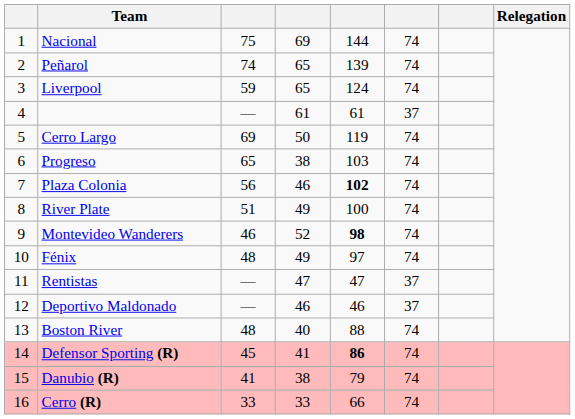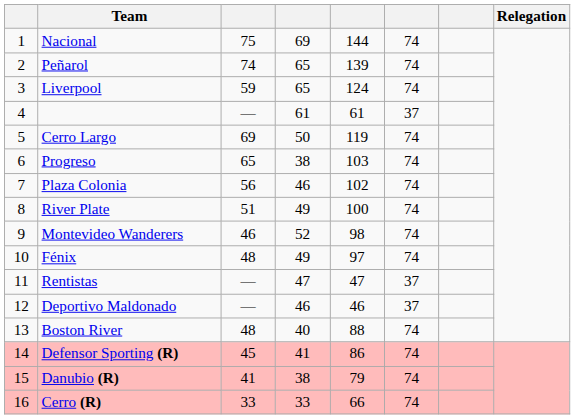 <table class="wikitable" style="text-align: center;">
 <tr>
 <th width=28><br></th>
 <th width=185>Team</th>
 <th width=50></th>
 <th width=50></th>
 <th width=50></th>
 <th width=50></th>
 <th width=50><br></th>
 <th>Relegation</th>
 </tr>
 <tr>
 <td>1</td>
 <td align="left"><a href='#'>Nacional</a></td>
 <td>75</td>
 <td>69</td>
 <td>144</td>
 <td>74</td>
 <td><strong></strong></td>
 <td rowspan=13></td>
 </tr>
 <tr>
 <td>2</td>
 <td align="left"><a href='#'>Peñarol</a></td>
 <td>74</td>
 <td>65</td>
 <td>139</td>
 <td>74</td>
 <td><strong></strong></td>
 </tr>
 <tr>
 <td>3</td>
 <td align="left"><a href='#'>Liverpool</a></td>
 <td>59</td>
 <td>65</td>
 <td>124</td>
 <td>74</td>
 <td><strong></strong></td>
 </tr>
 <tr>
 <td>4</td>
 <td align="left"></td>
 <td>—</td>
 <td>61</td>
 <td>61</td>
 <td>37</td>
 <td><strong></strong></td>
 </tr>
 <tr>
 <td>5</td>
 <td align="left"><a href='#'>Cerro Largo</a></td>
 <td>69</td>
 <td>50</td>
 <td>119</td>
 <td>74</td>
 <td><strong></strong></td>
 </tr>
 <tr>
 <td>6</td>
 <td align="left"><a href='#'>Progreso</a></td>
 <td>65</td>
 <td>38</td>
 <td>103</td>
 <td>74</td>
 <td><strong></strong></td>
 </tr>
 <tr>
 <td>7</td>
 <td align="left"><a href='#'>Plaza Colonia</a></td>
 <td>56</td>
 <td>46</td>
-<td><strong>102</strong></td>
+<td>102</td>
 <td>74</td>
 <td><strong></strong></td>
 </tr>
 <tr>
 <td>8</td>
 <td align="left"><a href='#'>River Plate</a></td>
 <td>51</td>
 <td>49</td>
 <td>100</td>
 <td>74</td>
 <td><strong></strong></td>
 </tr>
 <tr>
 <td>9</td>
 <td align="left"><a href='#'>Montevideo Wanderers</a></td>
 <td>46</td>
 <td>52</td>
-<td><strong>98</strong></td>
+<td>98</td>
 <td>74</td>
 <td><strong></strong></td>
 </tr>
 <tr>
 <td>10</td>
 <td align="left"><a href='#'>Fénix</a></td>
 <td>48</td>
 <td>49</td>
 <td>97</td>
 <td>74</td>
 <td><strong></strong></td>
 </tr>
 <tr>
 <td>11</td>
 <td align="left"><a href='#'>Rentistas</a></td>
 <td>—</td>
 <td>47</td>
 <td>47</td>
 <td>37</td>
 <td><strong></strong></td>
 </tr>
 <tr>
 <td>12</td>
 <td align="left"><a href='#'>Deportivo Maldonado</a></td>
 <td>—</td>
 <td>46</td>
 <td>46</td>
 <td>37</td>
 <td><strong></strong></td>
 </tr>
 <tr>
 <td>13</td>
 <td align="left"><a href='#'>Boston River</a></td>
 <td>48</td>
 <td>40</td>
 <td>88</td>
 <td>74</td>
 <td><strong></strong></td>
 </tr>
 <tr bgcolor=#FFBBBB>
 <td>14</td>
 <td align="left"><a href='#'>Defensor Sporting</a> <strong>(R)</strong></td>
 <td>45</td>
 <td>41</td>
-<td><strong>86</strong></td>
+<td>86</td>
 <td>74</td>
 <td><strong></strong></td>
 <td rowspan=3></td>
 </tr>
 <tr bgcolor=#FFBBBB>
 <td>15</td>
 <td align="left"><a href='#'>Danubio</a> <strong>(R)</strong></td>
 <td>41</td>
 <td>38</td>
 <td>79</td>
 <td>74</td>
 <td><strong></strong></td>
 </tr>
 <tr bgcolor=#FFBBBB>
 <td>16</td>
 <td align="left"><a href='#'>Cerro</a> <strong>(R)</strong></td>
 <td>33</td>
 <td>33</td>
 <td>66</td>
 <td>74</td>
 <td><strong></strong></td>
 </tr>
 </table>
